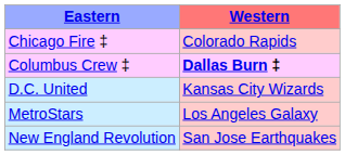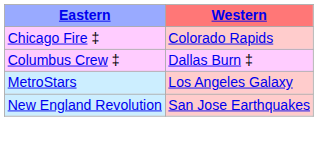 <table class="wikitable">
 <tr>
 <th style="background-color: #9AF;"><a href='#'>Eastern</a></th>
 <th style="background-color: #F77;"><a href='#'>Western</a></th>
 </tr>
 <tr>
 <td style="background-color: #FCF;"><a href='#'>Chicago Fire</a> ‡</td>
 <td style="background-color: #FCC;"><a href='#'>Colorado Rapids</a></td>
 </tr>
 <tr>
 <td style="background-color: #FCF;"><a href='#'>Columbus Crew</a> ‡</td>
-<td style="background-color: #FCF;"><strong><a href='#'>Dallas Burn</a> ‡</strong></td>
-</tr>
-<tr>
-<td style="background-color: #CEF;"><a href='#'>D.C. United</a></td>
-<td style="background-color: #FCC;"><a href='#'>Kansas City Wizards</a></td>
+<td style="background-color: #FCF;"><a href='#'>Dallas Burn</a> ‡</td>
 </tr>
 <tr>
 <td style="background-color: #CEF;"><a href='#'>MetroStars</a></td>
 <td style="background-color: #FCC;"><a href='#'>Los Angeles Galaxy</a></td>
 </tr>
 <tr>
 <td style="background-color: #CEF;"><a href='#'>New England Revolution</a></td>
 <td style="background-color: #FCC;"><a href='#'>San Jose Earthquakes</a></td>
 </tr>
 </table>
